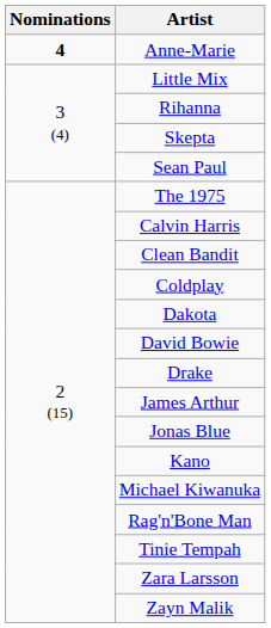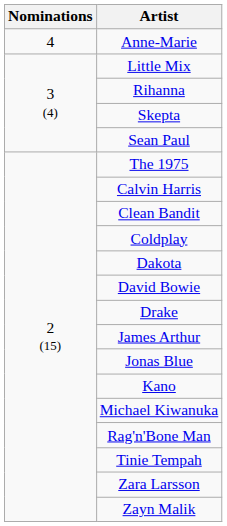 <table class="wikitable" rowspan="2" style="text-align:center;">
 <tr>
 <th scope="col" style="width:55px;">Nominations</th>
 <th scope="col" style="text-align:center;">Artist</th>
 </tr>
 <tr>
-<td><strong>4</strong></td>
+<td>4</td>
 <td><a href='#'>Anne-Marie</a></td>
 </tr>
 <tr>
 <td rowspan="4">3<br><small>(4)</small></td>
 <td><a href='#'>Little Mix</a></td>
 </tr>
 <tr>
 <td><a href='#'>Rihanna</a></td>
 </tr>
 <tr>
 <td><a href='#'>Skepta</a></td>
 </tr>
 <tr>
 <td><a href='#'>Sean Paul</a></td>
 </tr>
 <tr>
 <td rowspan="15">2<br><small>(15)</small></td>
 <td><a href='#'>The 1975</a></td>
 </tr>
 <tr>
 <td><a href='#'>Calvin Harris</a></td>
 </tr>
 <tr>
 <td><a href='#'>Clean Bandit</a></td>
 </tr>
 <tr>
 <td><a href='#'>Coldplay</a></td>
 </tr>
 <tr>
 <td><a href='#'>Dakota</a></td>
 </tr>
 <tr>
 <td><a href='#'>David Bowie</a></td>
 </tr>
 <tr>
 <td><a href='#'>Drake</a></td>
 </tr>
 <tr>
 <td><a href='#'>James Arthur</a></td>
 </tr>
 <tr>
 <td><a href='#'>Jonas Blue</a></td>
 </tr>
 <tr>
 <td><a href='#'>Kano</a></td>
 </tr>
 <tr>
 <td><a href='#'>Michael Kiwanuka</a></td>
 </tr>
 <tr>
 <td><a href='#'>Rag'n'Bone Man</a></td>
 </tr>
 <tr>
 <td><a href='#'>Tinie Tempah</a></td>
 </tr>
 <tr>
 <td><a href='#'>Zara Larsson</a></td>
 </tr>
 <tr>
 <td><a href='#'>Zayn Malik</a></td>
 </tr>
 </table>
